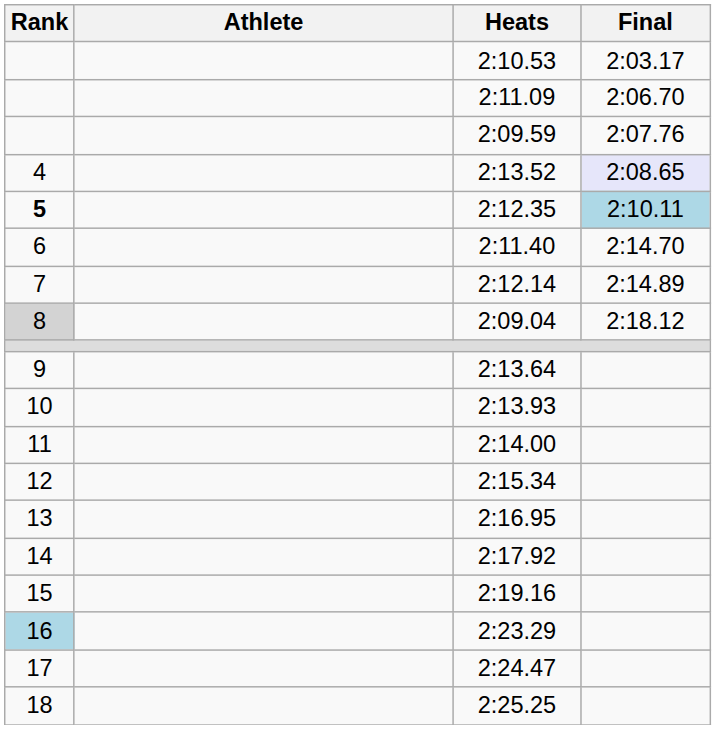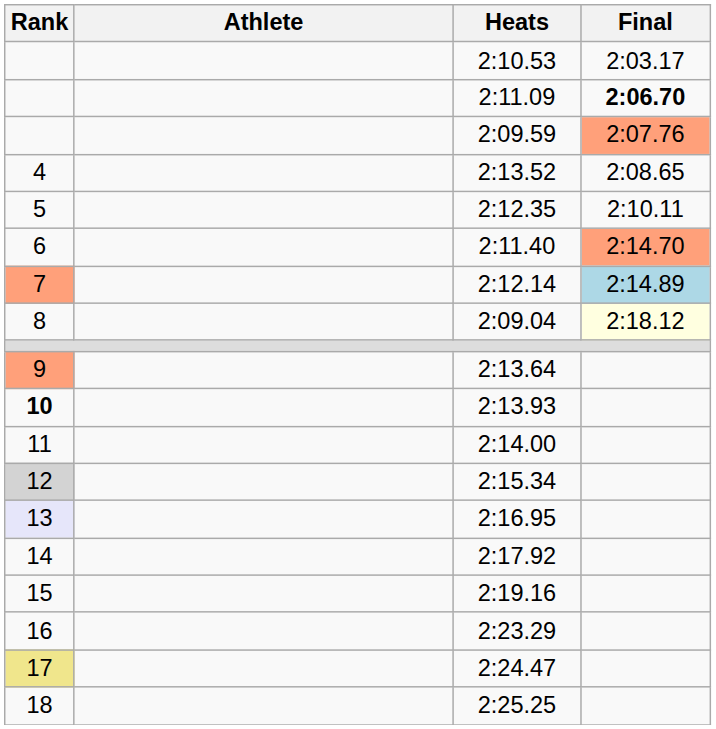 <table class=wikitable style="text-align:center">
 <tr>
 <th width=40>Rank</th>
 <th width=250>Athlete</th>
 <th width=80>Heats</th>
 <th width=80>Final</th>
 </tr>
 <tr>
 <td></td>
 <td align=left></td>
 <td>2:10.53</td>
 <td>2:03.17</td>
 </tr>
 <tr>
 <td></td>
 <td align=left></td>
 <td>2:11.09</td>
-<td>2:06.70</td>
+<td><strong>2:06.70</strong></td>
 </tr>
 <tr>
 <td></td>
 <td align=left></td>
 <td>2:09.59</td>
-<td>2:07.76</td>
+<td style="background: lightsalmon;">2:07.76</td>
 </tr>
 <tr>
 <td>4</td>
 <td align=left></td>
 <td>2:13.52</td>
-<td style="background: lavender;">2:08.65</td>
+<td>2:08.65</td>
 </tr>
 <tr>
-<td><strong>5</strong></td>
+<td>5</td>
 <td align=left></td>
 <td>2:12.35</td>
-<td style="background: lightblue;">2:10.11</td>
+<td>2:10.11</td>
 </tr>
 <tr>
 <td>6</td>
 <td align=left></td>
 <td>2:11.40</td>
-<td>2:14.70</td>
+<td style="background: lightsalmon;">2:14.70</td>
 </tr>
 <tr>
-<td>7</td>
+<td style="background: lightsalmon;">7</td>
 <td align=left></td>
 <td>2:12.14</td>
-<td>2:14.89</td>
+<td style="background: lightblue;">2:14.89</td>
 </tr>
 <tr>
-<td style="background: lightgrey;">8</td>
+<td>8</td>
 <td align=left></td>
 <td>2:09.04</td>
-<td>2:18.12</td>
+<td style="background: lightyellow;">2:18.12</td>
 </tr>
 <tr bgcolor=#DDDDDD>
 <td colspan=4></td>
 </tr>
 <tr>
-<td>9</td>
+<td style="background: lightsalmon;">9</td>
 <td align=left></td>
 <td>2:13.64</td>
 <td></td>
 </tr>
 <tr>
-<td>10</td>
+<td><strong>10</strong></td>
 <td align=left></td>
 <td>2:13.93</td>
 <td></td>
 </tr>
 <tr>
 <td>11</td>
 <td align=left></td>
 <td>2:14.00</td>
 <td></td>
 </tr>
 <tr>
-<td>12</td>
+<td style="background: lightgrey;">12</td>
 <td align=left></td>
 <td>2:15.34</td>
 <td></td>
 </tr>
 <tr>
-<td>13</td>
+<td style="background: lavender;">13</td>
 <td align=left></td>
 <td>2:16.95</td>
 <td></td>
 </tr>
 <tr>
 <td>14</td>
 <td align=left></td>
 <td>2:17.92</td>
 <td></td>
 </tr>
 <tr>
 <td>15</td>
 <td align=left></td>
 <td>2:19.16</td>
 <td></td>
 </tr>
 <tr>
-<td style="background: lightblue;">16</td>
+<td>16</td>
 <td align=left></td>
 <td>2:23.29</td>
 <td></td>
 </tr>
 <tr>
-<td>17</td>
+<td style="background: khaki;">17</td>
 <td align=left></td>
 <td>2:24.47</td>
 <td></td>
 </tr>
 <tr>
 <td>18</td>
 <td align=left></td>
 <td>2:25.25</td>
 <td></td>
 </tr>
 </table>
